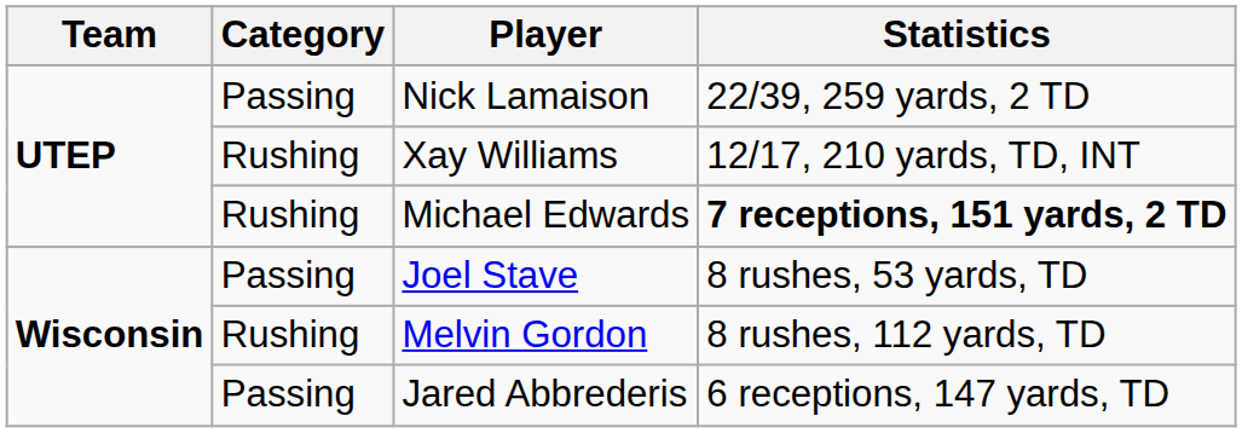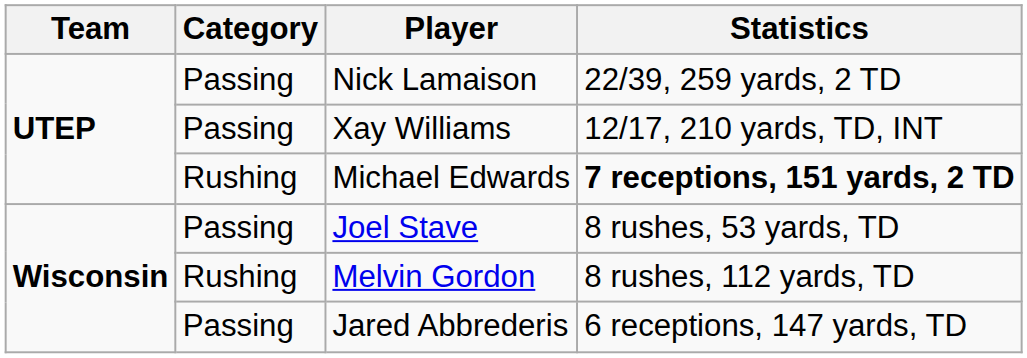 <table class="wikitable" style="float: right;">
 <tr>
 <th>Team</th>
 <th>Category</th>
 <th>Player</th>
 <th>Statistics</th>
 </tr>
 <tr>
 <td rowspan=3><strong>UTEP</strong></td>
 <td>Passing</td>
 <td>Nick Lamaison</td>
 <td>22/39, 259 yards, 2 TD</td>
 </tr>
 <tr>
-<td>Rushing</td>
+<td>Passing</td>
 <td>Xay Williams</td>
 <td>12/17, 210 yards, TD, INT</td>
 </tr>
 <tr>
 <td>Rushing</td>
 <td>Michael Edwards</td>
 <td><strong>7 receptions, 151 yards, 2 TD</strong></td>
 </tr>
 <tr>
 <td rowspan=3><strong>Wisconsin</strong></td>
 <td>Passing</td>
 <td><a href='#'>Joel Stave</a></td>
 <td>8 rushes, 53 yards, TD</td>
 </tr>
 <tr>
 <td>Rushing</td>
 <td><a href='#'>Melvin Gordon</a></td>
 <td>8 rushes, 112 yards, TD</td>
 </tr>
 <tr>
 <td>Passing</td>
 <td>Jared Abbrederis</td>
 <td>6 receptions, 147 yards, TD</td>
 </tr>
 </table>
